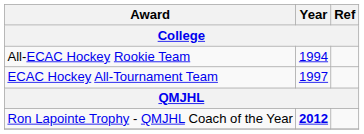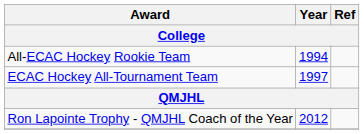 <table class="wikitable">
 <tr>
 <th>Award</th>
 <th>Year</th>
 <th>Ref</th>
 </tr>
 <tr>
 <th colspan="3"><a href='#'>College</a></th>
 </tr>
 <tr>
 <td>All-<a href='#'>ECAC Hockey</a> <a href='#'>Rookie Team</a></td>
 <td><a href='#'>1994</a></td>
 <td></td>
 </tr>
 <tr>
 <td><a href='#'>ECAC Hockey</a> <a href='#'>All-Tournament Team</a></td>
 <td><a href='#'>1997</a></td>
 <td></td>
 </tr>
 <tr>
 <th colspan="3"><a href='#'>QMJHL</a></th>
 </tr>
 <tr>
 <td><a href='#'>Ron Lapointe Trophy</a> - <a href='#'>QMJHL</a> Coach of the Year</td>
-<td><strong><a href='#'>2012</a></strong></td>
+<td><a href='#'>2012</a></td>
 <td></td>
 </tr>
 <tr>
 </tr>
 </table>
